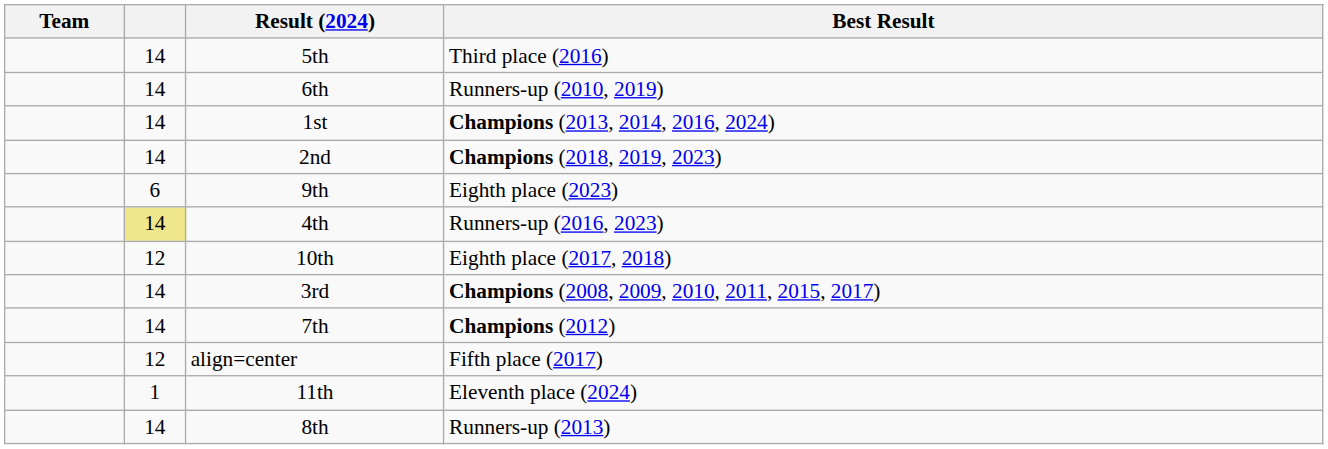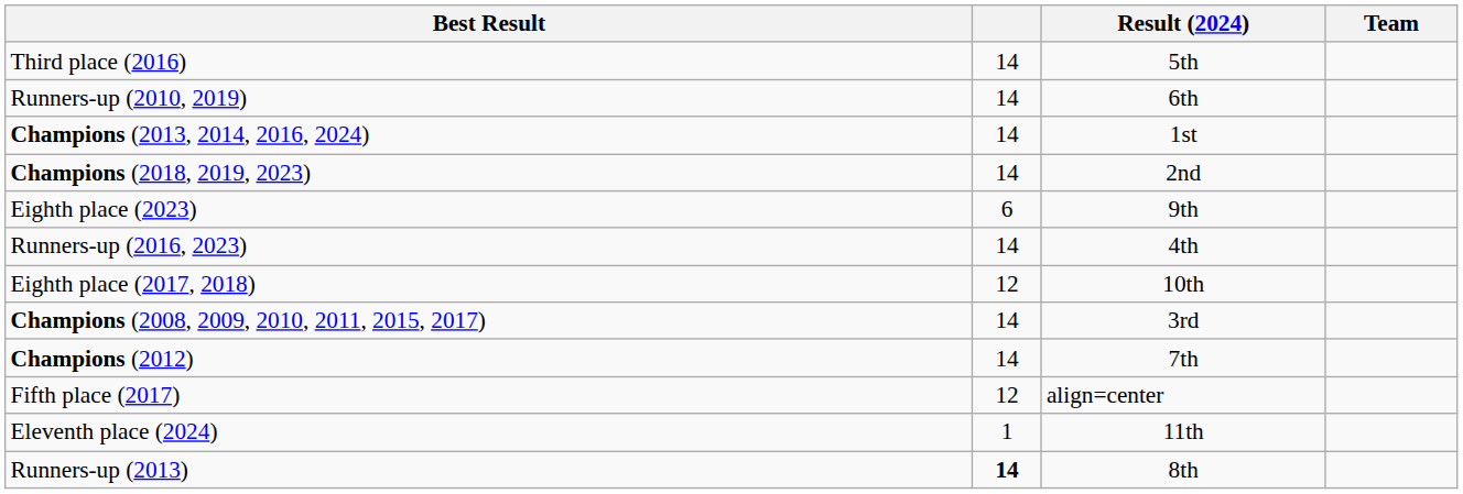 <table class="wikitable sortable plainrowheaders" style="width:50%;">
 <tr>
-<th>Team</th>
+<th>Best Result</th>
 <th></th>
 <th>Result (<a href='#'>2024</a>)</th>
-<th>Best Result</th>
+<th>Team</th>
 </tr>
 <tr>
-<td align=left></td>
+<td align=left>Third place (<a href='#'>2016</a>)</td>
 <td align=center>14</td>
 <td align=center>5th</td>
-<td align=left>Third place (<a href='#'>2016</a>)</td>
+<td align=left></td>
 </tr>
 <tr>
-<td align=left></td>
+<td align=left>Runners-up (<a href='#'>2010</a>, <a href='#'>2019</a>)</td>
 <td align=center>14</td>
 <td align=center>6th</td>
-<td align=left>Runners-up (<a href='#'>2010</a>, <a href='#'>2019</a>)</td>
+<td align=left></td>
 </tr>
 <tr>
-<td align=left></td>
+<td align=left><strong>Champions</strong> (<a href='#'>2013</a>, <a href='#'>2014</a>, <a href='#'>2016</a>, <a href='#'>2024</a>)</td>
 <td align=center>14</td>
 <td align=center>1st</td>
-<td align=left><strong>Champions</strong> (<a href='#'>2013</a>, <a href='#'>2014</a>, <a href='#'>2016</a>, <a href='#'>2024</a>)</td>
+<td align=left></td>
 </tr>
 <tr>
-<td align=left></td>
+<td align=left><strong>Champions</strong> (<a href='#'>2018</a>, <a href='#'>2019</a>, <a href='#'>2023</a>)</td>
 <td align=center>14</td>
 <td align=center>2nd</td>
-<td align=left><strong>Champions</strong> (<a href='#'>2018</a>, <a href='#'>2019</a>, <a href='#'>2023</a>)</td>
+<td align=left></td>
 </tr>
 <tr>
-<td align=left></td>
+<td align=left>Eighth place (<a href='#'>2023</a>)</td>
 <td align=center>6</td>
 <td align=center>9th</td>
-<td align=left>Eighth place (<a href='#'>2023</a>)</td>
+<td align=left></td>
 </tr>
 <tr>
+<td align=left>Runners-up (<a href='#'>2016</a>, <a href='#'>2023</a>)</td>
+<td align=center>14</td>
+<td align=center>4th</td>
 <td align=left></td>
-<td align=center style="background: khaki;">14</td>
-<td align=center>4th</td>
-<td align=left>Runners-up (<a href='#'>2016</a>, <a href='#'>2023</a>)</td>
 </tr>
 <tr>
-<td align=left></td>
+<td align=left>Eighth place (<a href='#'>2017</a>, <a href='#'>2018</a>)</td>
 <td align=center>12</td>
 <td align=center>10th</td>
-<td align=left>Eighth place (<a href='#'>2017</a>, <a href='#'>2018</a>)</td>
+<td align=left></td>
 </tr>
 <tr>
-<td align=left></td>
+<td align=left><strong>Champions</strong> (<a href='#'>2008</a>, <a href='#'>2009</a>, <a href='#'>2010</a>, <a href='#'>2011</a>, <a href='#'>2015</a>, <a href='#'>2017</a>)</td>
 <td align=center>14</td>
 <td align=center>3rd</td>
-<td align=left><strong>Champions</strong> (<a href='#'>2008</a>, <a href='#'>2009</a>, <a href='#'>2010</a>, <a href='#'>2011</a>, <a href='#'>2015</a>, <a href='#'>2017</a>)</td>
+<td align=left></td>
 </tr>
 <tr>
-<td align=left></td>
+<td align=left><strong>Champions</strong> (<a href='#'>2012</a>)</td>
 <td align=center>14</td>
 <td align=center>7th</td>
-<td align=left><strong>Champions</strong> (<a href='#'>2012</a>)</td>
+<td align=left></td>
 </tr>
 <tr>
-<td align=left></td>
+<td align=left>Fifth place (<a href='#'>2017</a>)</td>
 <td align=center>12</td>
 <td>align=center </td>
-<td align=left>Fifth place (<a href='#'>2017</a>)</td>
+<td align=left></td>
 </tr>
 <tr>
-<td align=left></td>
+<td align=left>Eleventh place (<a href='#'>2024</a>)</td>
 <td align=center>1</td>
 <td align=center>11th</td>
-<td align=left>Eleventh place (<a href='#'>2024</a>)</td>
+<td align=left></td>
 </tr>
 <tr>
+<td align=left>Runners-up (<a href='#'>2013</a>)</td>
+<td align=center><strong>14</strong></td>
+<td align=center>8th</td>
 <td align=left></td>
-<td align=center>14</td>
-<td align=center>8th</td>
-<td align=left>Runners-up (<a href='#'>2013</a>)</td>
 </tr>
 </table>
